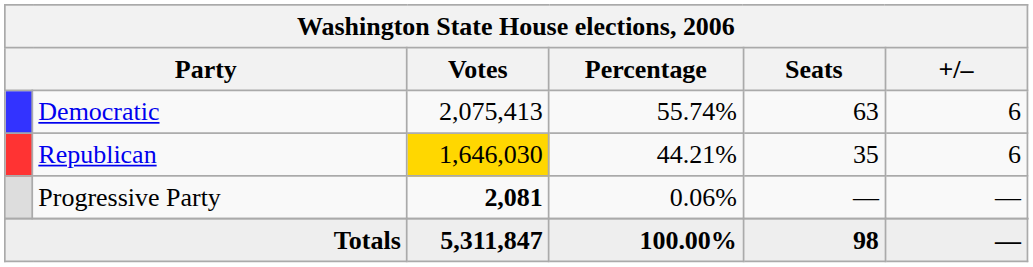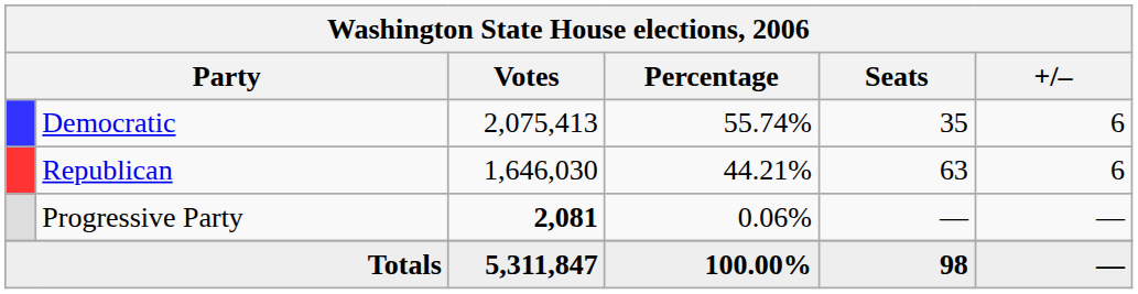 <table class="wikitable" style="font-size: 95%;">
 <tr style="background-color:#E9E9E9">
 <th colspan="6">Washington State House elections, 2006</th>
 </tr>
 <tr style="background-color:#EEEEEE;text-align:center;">
 <th colspan=2 style="width: 15em">Party</th>
 <th style="width: 5em">Votes</th>
 <th style="width: 7em">Percentage</th>
 <th style="width: 5em">Seats</th>
 <th style="width: 5em">+/–</th>
 </tr>
 <tr>
 <th style="background-color:#3333FF; width: 3px"></th>
 <td style="width: 130px"><a href='#'>Democratic</a></td>
 <td style="text-align:right;">2,075,413</td>
 <td style="text-align:right;">55.74%</td>
-<td style="text-align:right;">63</td>
+<td style="text-align:right;">35</td>
 <td style="text-align:right;"> 6</td>
 </tr>
 <tr>
 <th style="background-color:#FF3333; width: 3px"></th>
 <td style="width: 130px"><a href='#'>Republican</a></td>
-<td style="background: gold; text-align:right;">1,646,030</td>
+<td style="text-align:right;">1,646,030</td>
 <td style="text-align:right;">44.21%</td>
-<td style="text-align:right;">35</td>
+<td style="text-align:right;">63</td>
 <td style="text-align:right;"> 6</td>
 </tr>
 <tr>
 <th style="background-color:#DDDDDD; width: 3px"></th>
 <td style="width: 130px">Progressive Party</td>
 <td style="text-align:right;"><strong>2,081</strong></td>
 <td style="text-align:right;">0.06%</td>
 <td style="text-align:right;">—</td>
 <td style="text-align:right;">—</td>
 </tr>
 <tr>
 </tr>
 <tr style="background-color:#EEEEEE;">
 <td colspan="2" align="right"><strong>Totals</strong></td>
 <td style="text-align:right;"><strong>5,311,847</strong></td>
 <td style="text-align:right;"><strong>100.00%</strong></td>
 <td style="text-align:right;"><strong>98</strong></td>
 <td style="text-align:right;"><strong>—</strong></td>
 </tr>
 </table>
